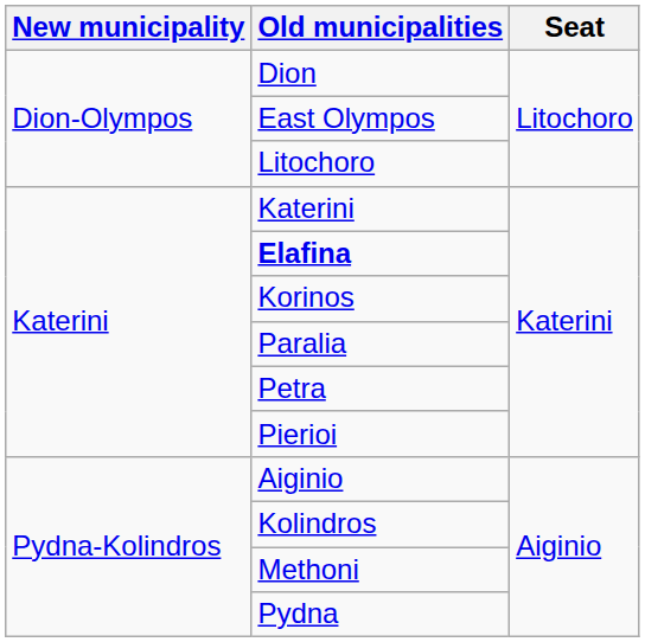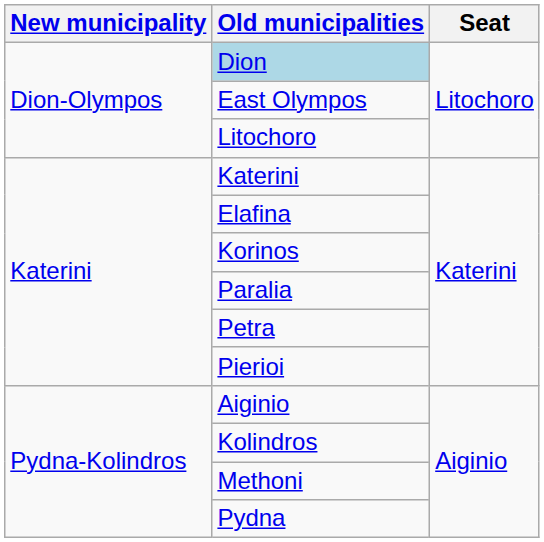 <table class="wikitable">
 <tr>
 <th><a href='#'>New municipality</a></th>
 <th><a href='#'>Old municipalities</a></th>
 <th>Seat</th>
 </tr>
 <tr>
 <td rowspan=3><a href='#'>Dion-Olympos</a></td>
-<td><a href='#'>Dion</a></td>
+<td style="background: lightblue;"><a href='#'>Dion</a></td>
 <td rowspan=3><a href='#'>Litochoro</a></td>
 </tr>
 <tr>
 <td><a href='#'>East Olympos</a></td>
 </tr>
 <tr>
 <td><a href='#'>Litochoro</a></td>
 </tr>
 <tr>
 <td rowspan=6><a href='#'>Katerini</a></td>
 <td><a href='#'>Katerini</a></td>
 <td rowspan=6><a href='#'>Katerini</a></td>
 </tr>
 <tr>
-<td><strong><a href='#'>Elafina</a></strong></td>
+<td><a href='#'>Elafina</a></td>
 </tr>
 <tr>
 <td><a href='#'>Korinos</a></td>
 </tr>
 <tr>
 <td><a href='#'>Paralia</a></td>
 </tr>
 <tr>
 <td><a href='#'>Petra</a></td>
 </tr>
 <tr>
 <td><a href='#'>Pierioi</a></td>
 </tr>
 <tr>
 <td rowspan=4><a href='#'>Pydna-Kolindros</a></td>
 <td><a href='#'>Aiginio</a></td>
 <td rowspan=4><a href='#'>Aiginio</a></td>
 </tr>
 <tr>
 <td><a href='#'>Kolindros</a></td>
 </tr>
 <tr>
 <td><a href='#'>Methoni</a></td>
 </tr>
 <tr>
 <td><a href='#'>Pydna</a></td>
 </tr>
 </table>
